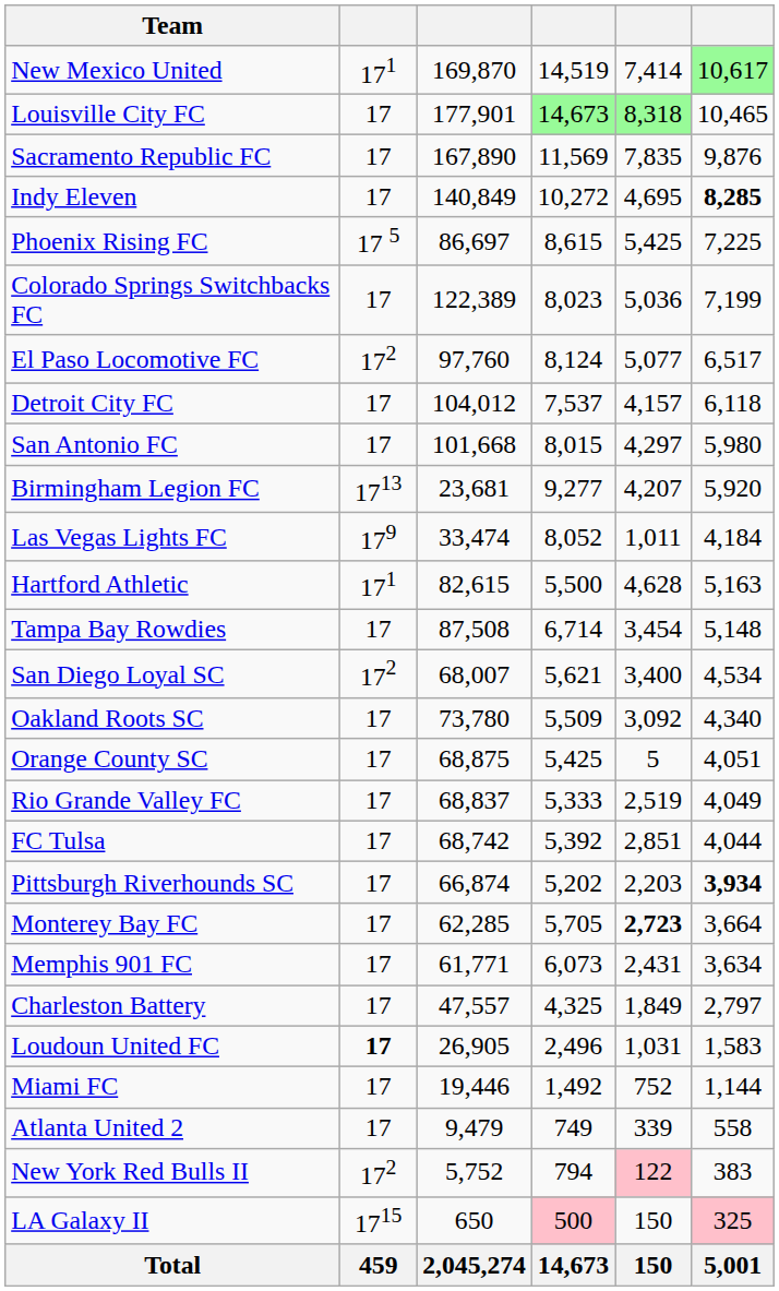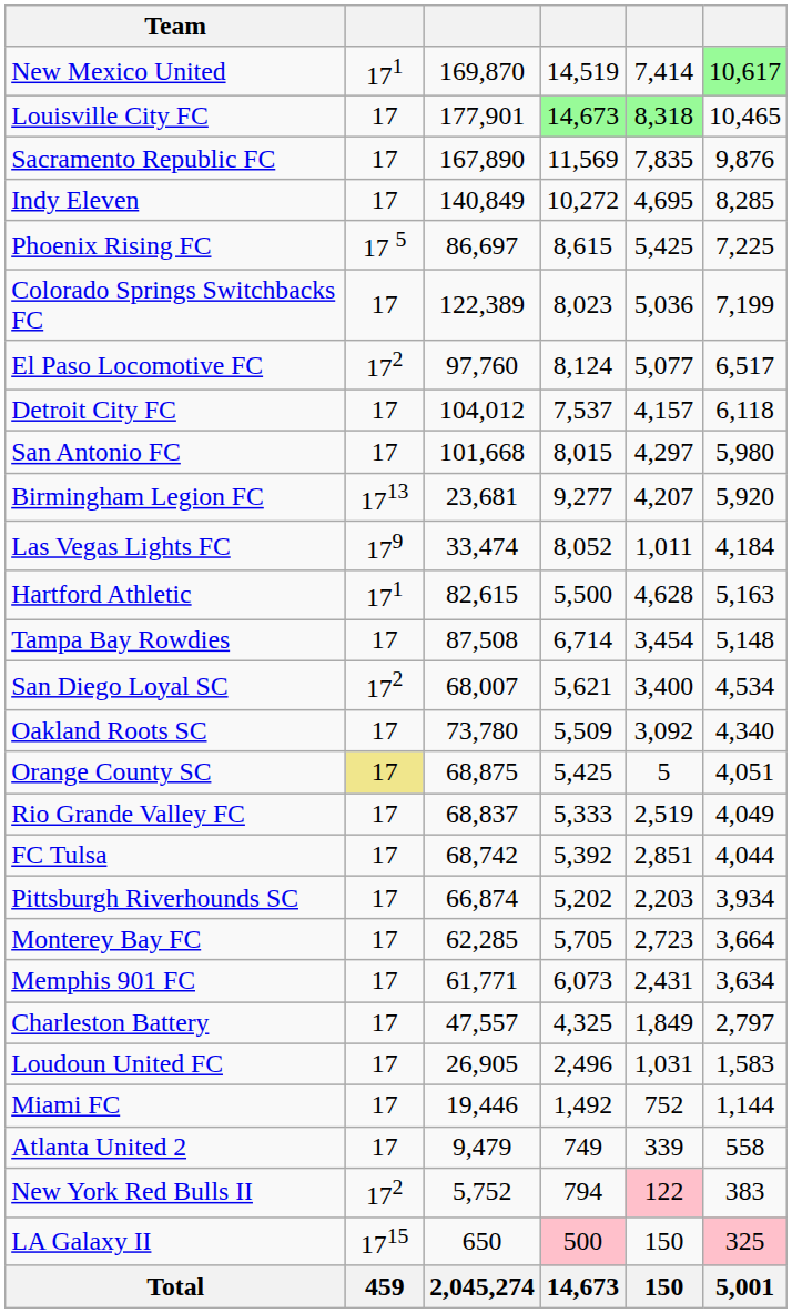 <table class="wikitable sortable">
 <tr>
 <th width=200>Team</th>
 <th width=40></th>
 <th width=40></th>
 <th width=40></th>
 <th width=40></th>
 <th width=40></th>
 </tr>
 <tr align="center">
 <td align="left"><a href='#'>New Mexico United</a></td>
 <td>17<sup>1</sup></td>
 <td>169,870</td>
 <td>14,519</td>
 <td>7,414</td>
 <td bgcolor="#98fb98">10,617</td>
 </tr>
 <tr align="center">
 <td align="left"><a href='#'>Louisville City FC</a></td>
 <td>17</td>
 <td>177,901</td>
 <td bgcolor="#98fb98">14,673</td>
 <td bgcolor="#98fb98">8,318</td>
 <td>10,465</td>
 </tr>
 <tr align="center">
 <td align="left"><a href='#'>Sacramento Republic FC</a></td>
 <td>17</td>
 <td>167,890</td>
 <td>11,569</td>
 <td>7,835</td>
 <td>9,876</td>
 </tr>
 <tr align="center">
 <td align="left"><a href='#'>Indy Eleven</a></td>
 <td>17</td>
 <td>140,849</td>
 <td>10,272</td>
 <td>4,695</td>
-<td><strong>8,285</strong></td>
+<td>8,285</td>
 </tr>
 <tr align="center">
 <td align="left"><a href='#'>Phoenix Rising FC</a></td>
 <td>17 <sup>5</sup></td>
 <td>86,697</td>
 <td>8,615</td>
 <td>5,425</td>
 <td>7,225</td>
 </tr>
 <tr align="center">
 <td align="left"><a href='#'>Colorado Springs Switchbacks FC</a></td>
 <td>17</td>
 <td>122,389</td>
 <td>8,023</td>
 <td>5,036</td>
 <td>7,199</td>
 </tr>
 <tr align="center">
 <td align="left"><a href='#'>El Paso Locomotive FC</a></td>
 <td>17<sup>2</sup></td>
 <td>97,760</td>
 <td>8,124</td>
 <td>5,077</td>
 <td>6,517</td>
 </tr>
 <tr align="center">
 <td align="left"><a href='#'>Detroit City FC</a></td>
 <td>17</td>
 <td>104,012</td>
 <td>7,537</td>
 <td>4,157</td>
 <td>6,118</td>
 </tr>
 <tr align="center">
 <td align="left"><a href='#'>San Antonio FC</a></td>
 <td>17</td>
 <td>101,668</td>
 <td>8,015</td>
 <td>4,297</td>
 <td>5,980</td>
 </tr>
 <tr align="center">
 <td align="left"><a href='#'>Birmingham Legion FC</a></td>
 <td>17<sup>13</sup></td>
 <td>23,681</td>
 <td>9,277</td>
 <td>4,207</td>
 <td>5,920</td>
 </tr>
 <tr align="center">
 <td align="left"><a href='#'>Las Vegas Lights FC</a></td>
 <td>17<sup>9</sup></td>
 <td>33,474</td>
 <td>8,052</td>
 <td>1,011</td>
 <td>4,184</td>
 </tr>
 <tr align="center">
 <td align="left"><a href='#'>Hartford Athletic</a></td>
 <td>17<sup>1</sup></td>
 <td>82,615</td>
 <td>5,500</td>
 <td>4,628</td>
 <td>5,163</td>
 </tr>
 <tr align="center">
 <td align="left"><a href='#'>Tampa Bay Rowdies</a></td>
 <td>17</td>
 <td>87,508</td>
 <td>6,714</td>
 <td>3,454</td>
 <td>5,148</td>
 </tr>
 <tr align="center">
 <td align="left"><a href='#'>San Diego Loyal SC</a></td>
 <td>17<sup>2</sup></td>
 <td>68,007</td>
 <td>5,621</td>
 <td>3,400</td>
 <td>4,534</td>
 </tr>
 <tr align=center>
 <td align=left><a href='#'>Oakland Roots SC</a></td>
 <td>17</td>
 <td>73,780</td>
 <td>5,509</td>
 <td>3,092</td>
 <td>4,340</td>
 </tr>
 <tr align="center">
 <td align="left"><a href='#'>Orange County SC</a></td>
-<td>17</td>
+<td style="background: khaki;">17</td>
 <td>68,875</td>
 <td>5,425</td>
 <td>5</td>
 <td>4,051</td>
 </tr>
 <tr align="center">
 <td align="left"><a href='#'>Rio Grande Valley FC</a></td>
 <td>17</td>
 <td>68,837</td>
 <td>5,333</td>
 <td>2,519</td>
 <td>4,049</td>
 </tr>
 <tr align="center">
 <td align="left"><a href='#'>FC Tulsa</a></td>
 <td>17</td>
 <td>68,742</td>
 <td>5,392</td>
 <td>2,851</td>
 <td>4,044</td>
 </tr>
 <tr align="center">
 <td align="left"><a href='#'>Pittsburgh Riverhounds SC</a></td>
 <td>17</td>
 <td>66,874</td>
 <td>5,202</td>
 <td>2,203</td>
-<td><strong>3,934</strong></td>
+<td>3,934</td>
 </tr>
 <tr align="center">
 <td align="left"><a href='#'>Monterey Bay FC</a></td>
 <td>17</td>
 <td>62,285</td>
 <td>5,705</td>
-<td><strong>2,723</strong></td>
+<td>2,723</td>
 <td>3,664</td>
 </tr>
 <tr align="center">
 <td align="left"><a href='#'>Memphis 901 FC</a></td>
 <td>17</td>
 <td>61,771</td>
 <td>6,073</td>
 <td>2,431</td>
 <td>3,634</td>
 </tr>
 <tr align="center">
 <td align="left"><a href='#'>Charleston Battery</a></td>
 <td>17</td>
 <td>47,557</td>
 <td>4,325</td>
 <td>1,849</td>
 <td>2,797</td>
 </tr>
 <tr align="center">
 <td align="left"><a href='#'>Loudoun United FC</a></td>
-<td><strong>17</strong></td>
+<td>17</td>
 <td>26,905</td>
 <td>2,496</td>
 <td>1,031</td>
 <td>1,583</td>
 </tr>
 <tr align="center">
 <td align="left"><a href='#'>Miami FC</a></td>
 <td>17</td>
 <td>19,446</td>
 <td>1,492</td>
 <td>752</td>
 <td>1,144</td>
 </tr>
 <tr align="center">
 <td align="left"><a href='#'>Atlanta United 2</a></td>
 <td>17</td>
 <td>9,479</td>
 <td>749</td>
 <td>339</td>
 <td>558</td>
 </tr>
 <tr align="center">
 <td align="left"><a href='#'>New York Red Bulls II</a></td>
 <td>17<sup>2</sup></td>
 <td>5,752</td>
 <td>794</td>
 <td bgcolor="#ffc0cb">122</td>
 <td>383</td>
 </tr>
 <tr align="center">
 <td align="left"><a href='#'>LA Galaxy II</a></td>
 <td>17<sup>15</sup></td>
 <td>650</td>
 <td bgcolor="#ffc0cb">500</td>
 <td>150</td>
 <td bgcolor="#ffc0cb">325</td>
 </tr>
 <tr align="center">
 <th align="left">Total</th>
 <th>459</th>
 <th>2,045,274</th>
 <th>14,673</th>
 <th>150</th>
 <th>5,001</th>
 </tr>
 </table>
